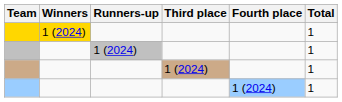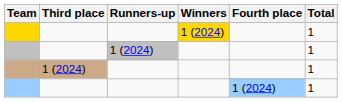 <table class="wikitable sortable">
 <tr>
 <th>Team</th>
+<th>Third place</th>
+<th>Runners-up</th>
 <th>Winners</th>
-<th>Runners-up</th>
-<th>Third place</th>
 <th>Fourth place</th>
 <th>Total</th>
 </tr>
 <tr>
 <td style="background:gold"></td>
-<td style="background:gold">1 (<a href='#'>2024</a>)</td>
 <td></td>
 <td></td>
+<td style="background:gold">1 (<a href='#'>2024</a>)</td>
 <td></td>
 <td>1</td>
 </tr>
 <tr>
 <td style="background:silver"></td>
 <td></td>
 <td style="background:silver">1 (<a href='#'>2024</a>)</td>
 <td></td>
 <td></td>
 <td>1</td>
 </tr>
 <tr>
 <td style="background:#ca8"></td>
+<td style="background:#ca8">1 (<a href='#'>2024</a>)</td>
 <td></td>
 <td></td>
-<td style="background:#ca8">1 (<a href='#'>2024</a>)</td>
 <td></td>
 <td>1</td>
 </tr>
 <tr>
 <td style="background:#9acdff"></td>
 <td></td>
 <td></td>
 <td></td>
 <td style="background:#9acdff">1 (<a href='#'>2024</a>)</td>
 <td>1</td>
 </tr>
 </table>
